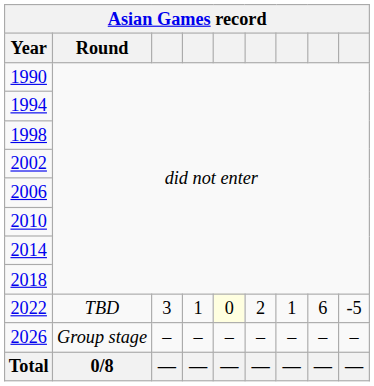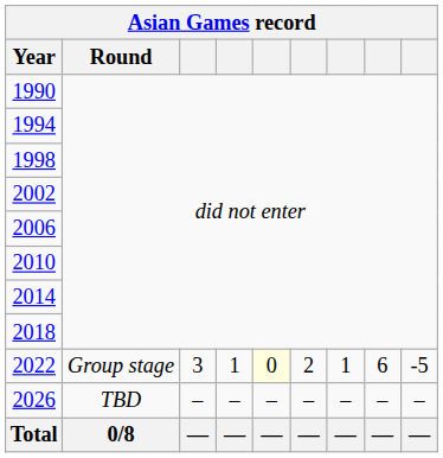 <table class="wikitable" style="text-align: center;">
 <tr>
 <th colspan=9><a href='#'>Asian Games</a> record</th>
 </tr>
 <tr>
 <th>Year</th>
 <th>Round</th>
 <th width=20></th>
 <th width=20></th>
 <th width=20></th>
 <th width=20></th>
 <th width=20></th>
 <th width=20></th>
 <th width=20></th>
 </tr>
 <tr>
 <td> <a href='#'>1990</a></td>
 <td colspan=8 rowspan=8><em>did not enter</em></td>
 </tr>
 <tr>
 <td> <a href='#'>1994</a></td>
 </tr>
 <tr>
 <td> <a href='#'>1998</a></td>
 </tr>
 <tr>
 <td> <a href='#'>2002</a></td>
 </tr>
 <tr>
 <td> <a href='#'>2006</a></td>
 </tr>
 <tr>
 <td> <a href='#'>2010</a></td>
 </tr>
 <tr>
 <td> <a href='#'>2014</a></td>
 </tr>
 <tr>
 <td> <a href='#'>2018</a></td>
 </tr>
 <tr>
 <td> <a href='#'>2022</a></td>
-<td><em>TBD</em></td>
+<td><em>Group stage</em></td>
 <td>3</td>
 <td>1</td>
 <td style="background: lightyellow;">0</td>
 <td>2</td>
 <td>1</td>
 <td>6</td>
 <td>-5</td>
 </tr>
 <tr>
 <td> <a href='#'>2026</a></td>
-<td><em>Group stage</em></td>
+<td><em>TBD</em></td>
 <td>–</td>
 <td>–</td>
 <td>–</td>
 <td>–</td>
 <td>–</td>
 <td>–</td>
 <td>–</td>
 </tr>
 <tr>
 <th><strong>Total</strong></th>
 <th><strong>0/8</strong></th>
 <th>—</th>
 <th>—</th>
 <th>—</th>
 <th>—</th>
 <th>—</th>
 <th>—</th>
 <th>—</th>
 </tr>
 </table>
